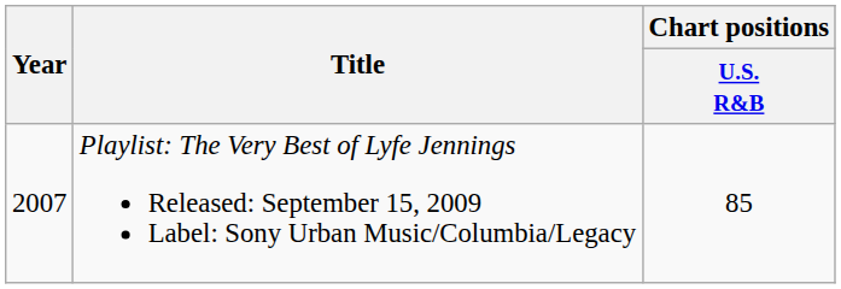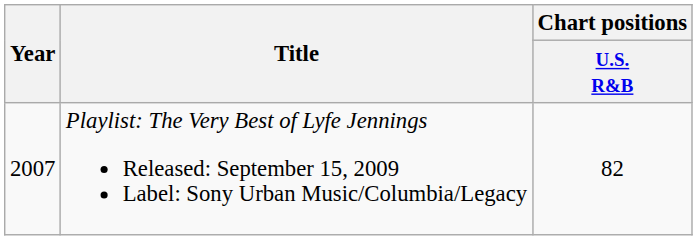 <table class="wikitable">
 <tr>
 <th rowspan="2">Year</th>
 <th rowspan="2">Title</th>
 <th>Chart positions</th>
 </tr>
 <tr>
 <th><small><a href='#'>U.S. <br>R&B</a></small></th>
 </tr>
 <tr>
 <td>2007</td>
 <td><em>Playlist: The Very Best of Lyfe Jennings</em><br><ul><li>Released: September 15, 2009</li><li>Label: Sony Urban Music/Columbia/Legacy</li></ul></td>
-<td style="text-align:center;">85</td>
+<td style="text-align:center;">82</td>
 </tr>
 </table>
